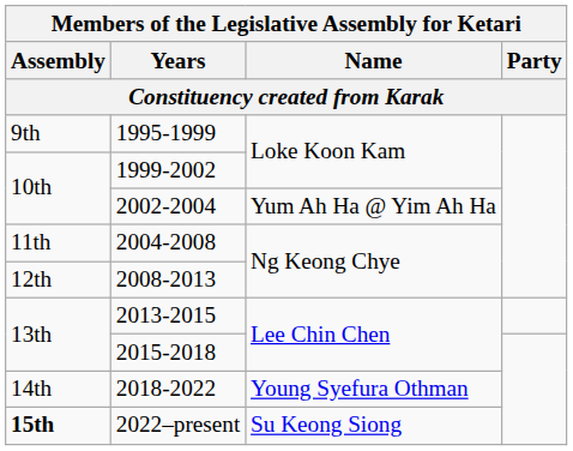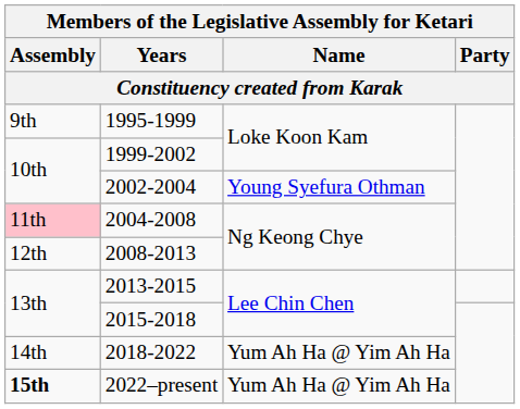 <table class="wikitable">
 <tr>
 <th colspan="4">Members of the Legislative Assembly for Ketari</th>
 </tr>
 <tr>
 <th>Assembly</th>
 <th>Years</th>
 <th>Name</th>
 <th>Party</th>
 </tr>
 <tr>
 <th colspan="4"><em>Constituency created from Karak</em></th>
 </tr>
 <tr>
 <td>9th</td>
 <td>1995-1999</td>
 <td rowspan="2">Loke Koon Kam</td>
 <td rowspan="5"></td>
 </tr>
 <tr>
 <td rowspan="2">10th</td>
 <td>1999-2002</td>
 </tr>
 <tr>
 <td>2002-2004</td>
-<td>Yum Ah Ha @ Yim Ah Ha</td>
+<td><a href='#'>Young Syefura Othman</a></td>
 </tr>
 <tr>
-<td>11th</td>
+<td style="background: pink;">11th</td>
 <td>2004-2008</td>
 <td rowspan="2">Ng Keong Chye</td>
 </tr>
 <tr>
 <td>12th</td>
 <td>2008-2013</td>
 </tr>
 <tr>
 <td rowspan=2>13th</td>
 <td>2013-2015</td>
 <td rowspan=2><a href='#'>Lee Chin Chen</a></td>
 <td></td>
 </tr>
 <tr>
 <td>2015-2018</td>
 <td rowspan=3></td>
 </tr>
 <tr>
 <td>14th</td>
 <td>2018-2022</td>
-<td><a href='#'>Young Syefura Othman</a></td>
+<td>Yum Ah Ha @ Yim Ah Ha</td>
 </tr>
 <tr>
 <td><strong>15th</strong></td>
 <td>2022–present</td>
-<td><a href='#'>Su Keong Siong</a></td>
+<td>Yum Ah Ha @ Yim Ah Ha</td>
 </tr>
 </table>
